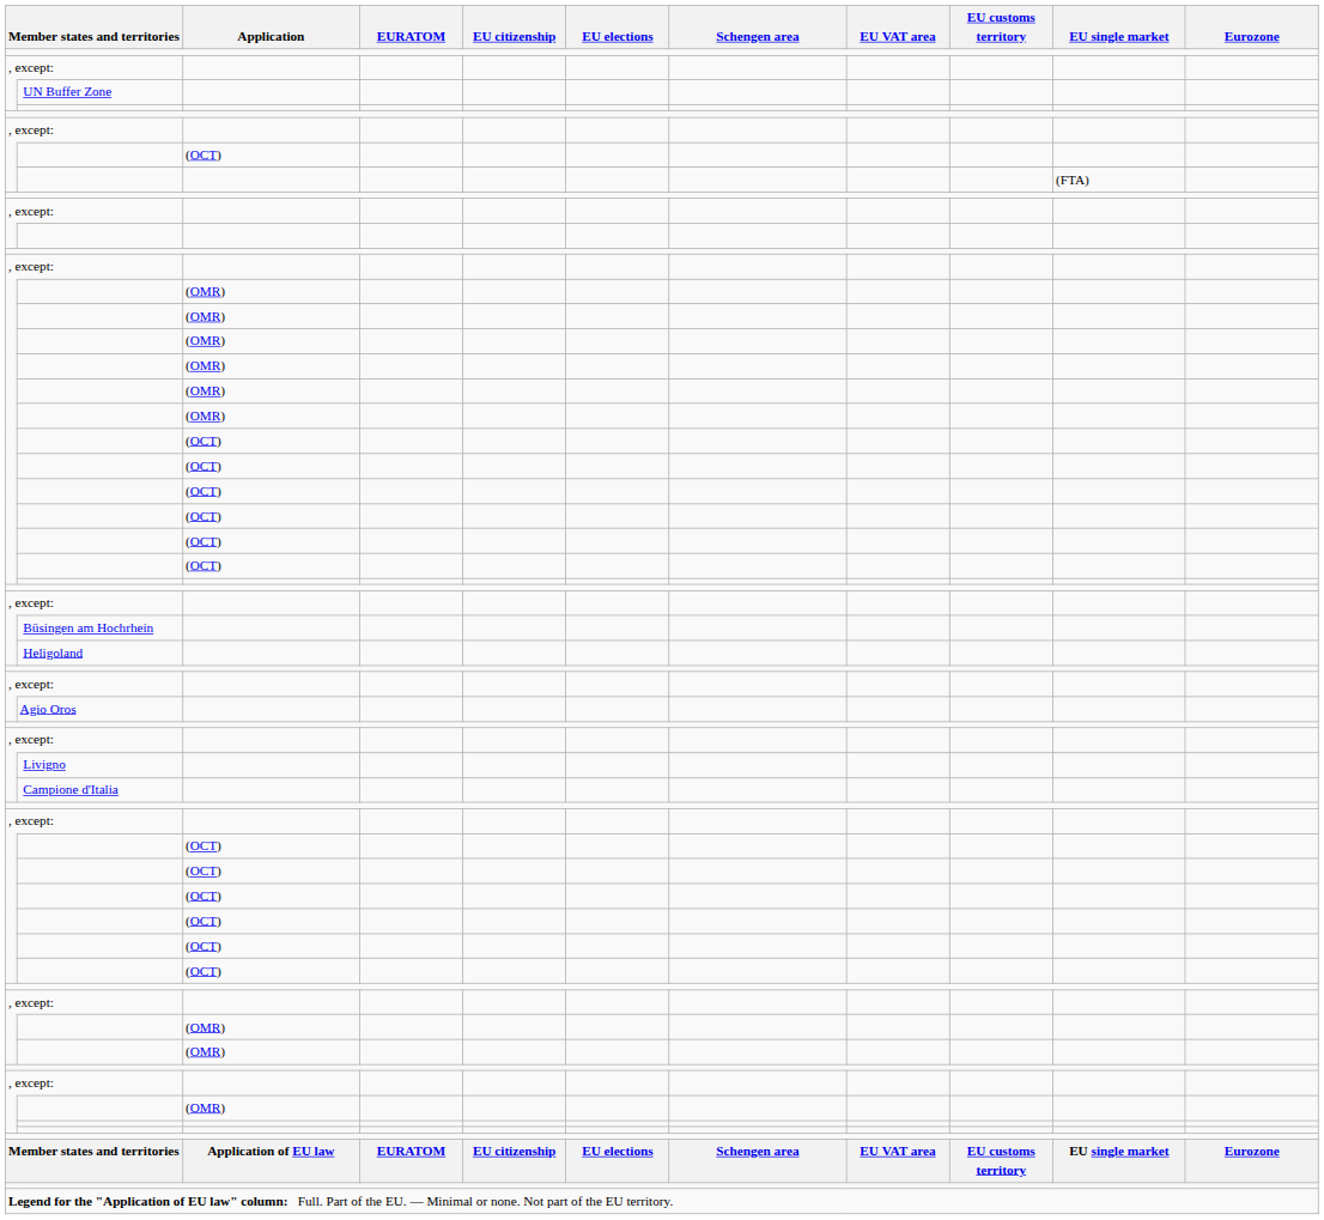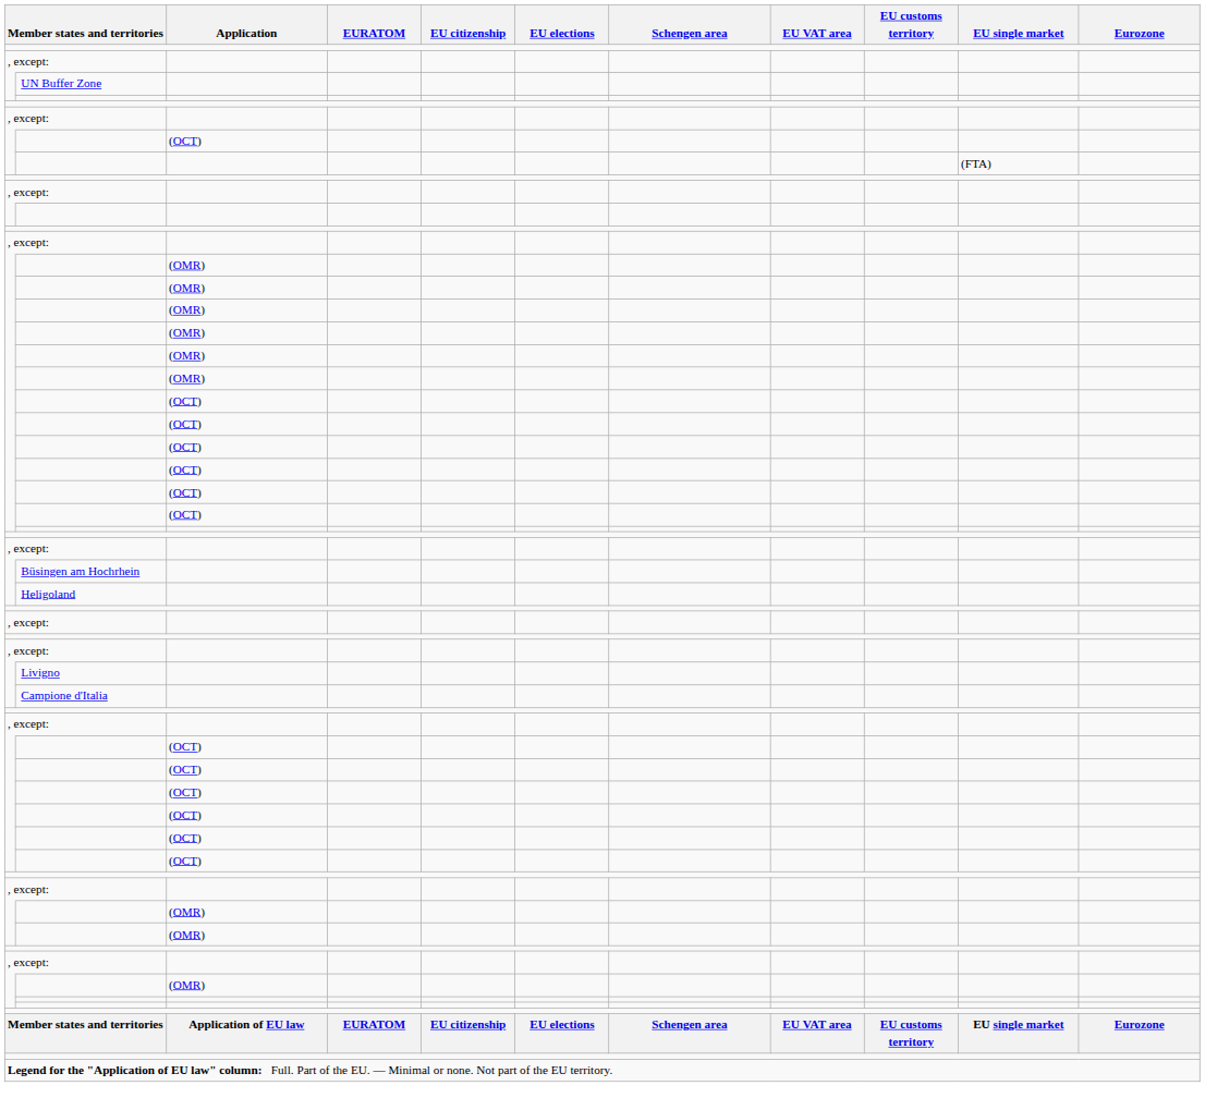 <table class="wikitable sortable" style="font-size:100%; line-height:1.4">
 <tr valign="bottom">
 <th scope="col" width="12%" colspan="2">Member states and territories</th>
 <th scope="col" width="12%">Application </th>
 <th scope="col" width="7%"><a href='#'>EURATOM</a></th>
 <th scope="col" width="7%"><a href='#'>EU citizen­ship</a></th>
 <th scope="col" width="7%"><a href='#'>EU elections</a></th>
 <th scope="col" width="12%"><a href='#'>Schengen area</a></th>
 <th scope="col" width="7%"><a href='#'>EU VAT area</a></th>
 <th scope="col" width="7%"><a href='#'>EU customs territory</a></th>
 <th scope="col" width="9%"><a href='#'>EU single market</a></th>
 <th scope="col" width="9%"><a href='#'>Euro­zone</a></th>
 </tr>
 <tr>
 <td colspan="11"></td>
 </tr>
 <tr>
 <td scope="rowgroup" colspan="2">, except:</td>
 <td></td>
 <td></td>
 <td></td>
 <td></td>
 <td></td>
 <td></td>
 <td></td>
 <td></td>
 <td></td>
 </tr>
 <tr>
 <td rowspan="2" style="border-top:hidden"></td>
 <td scope="row"> <a href='#'>UN Buffer Zone</a></td>
 <td></td>
 <td></td>
 <td></td>
 <td></td>
 <td></td>
 <td></td>
 <td></td>
 <td></td>
 <td></td>
 </tr>
 <tr>
 <td scope="row"></td>
 <td></td>
 <td></td>
 <td></td>
 <td></td>
 <td></td>
 <td></td>
 <td></td>
 <td></td>
 <td></td>
 </tr>
 <tr>
 <td colspan="11"></td>
 </tr>
 <tr>
 <td scope="rowgroup" colspan="2">, except:</td>
 <td></td>
 <td></td>
 <td></td>
 <td></td>
 <td></td>
 <td></td>
 <td></td>
 <td></td>
 <td></td>
 </tr>
 <tr>
 <td rowspan="2" style="border-top:hidden"></td>
 <td scope="row"></td>
 <td> (<a href='#'><span>OCT</span></a>)</td>
 <td></td>
 <td></td>
 <td></td>
 <td></td>
 <td></td>
 <td></td>
 <td></td>
 <td></td>
 </tr>
 <tr>
 <td scope="row"></td>
 <td></td>
 <td></td>
 <td></td>
 <td></td>
 <td></td>
 <td></td>
 <td></td>
 <td> (<span>FTA</span>)</td>
 <td></td>
 </tr>
 <tr>
 <td colspan="11"></td>
 </tr>
 <tr>
 <td scope="rowgroup" colspan="2">, except:</td>
 <td></td>
 <td></td>
 <td></td>
 <td></td>
 <td></td>
 <td></td>
 <td></td>
 <td></td>
 <td></td>
 </tr>
 <tr>
 <td style="border-top:hidden"> </td>
 <td scope="row"></td>
 <td></td>
 <td></td>
 <td></td>
 <td></td>
 <td></td>
 <td></td>
 <td></td>
 <td></td>
 <td></td>
 </tr>
 <tr>
 <td colspan="11"></td>
 </tr>
 <tr>
 <td scope="rowgroup" colspan="2">, except:</td>
 <td></td>
 <td></td>
 <td></td>
 <td></td>
 <td></td>
 <td></td>
 <td></td>
 <td></td>
 <td></td>
 </tr>
 <tr>
 <td rowspan="13" style="border-top:hidden"></td>
 <td scope="row"></td>
 <td> (<a href='#'><span>OMR</span></a>)</td>
 <td></td>
 <td></td>
 <td></td>
 <td></td>
 <td></td>
 <td></td>
 <td></td>
 <td></td>
 </tr>
 <tr>
 <td scope="row"></td>
 <td> (<a href='#'><span>OMR</span></a>)</td>
 <td></td>
 <td></td>
 <td></td>
 <td></td>
 <td></td>
 <td></td>
 <td></td>
 <td></td>
 </tr>
 <tr>
 <td scope="row"></td>
 <td> (<a href='#'><span>OMR</span></a>)</td>
 <td></td>
 <td></td>
 <td></td>
 <td></td>
 <td></td>
 <td></td>
 <td></td>
 <td></td>
 </tr>
 <tr>
 <td scope="row"></td>
 <td> (<a href='#'><span>OMR</span></a>)</td>
 <td></td>
 <td></td>
 <td></td>
 <td></td>
 <td></td>
 <td></td>
 <td></td>
 <td></td>
 </tr>
 <tr>
 <td scope="row"></td>
 <td> (<a href='#'><span>OMR</span></a>)</td>
 <td></td>
 <td></td>
 <td></td>
 <td></td>
 <td></td>
 <td></td>
 <td></td>
 <td></td>
 </tr>
 <tr>
 <td scope="row"></td>
 <td> (<a href='#'><span>OMR</span></a>)</td>
 <td></td>
 <td></td>
 <td></td>
 <td></td>
 <td></td>
 <td></td>
 <td></td>
 <td></td>
 </tr>
 <tr>
 <td scope="row"></td>
 <td> (<a href='#'><span>OCT</span></a>)</td>
 <td></td>
 <td></td>
 <td></td>
 <td></td>
 <td></td>
 <td></td>
 <td></td>
 <td></td>
 </tr>
 <tr>
 <td scope="row"></td>
 <td> (<a href='#'><span>OCT</span></a>)</td>
 <td></td>
 <td></td>
 <td></td>
 <td></td>
 <td></td>
 <td></td>
 <td></td>
 <td></td>
 </tr>
 <tr>
 <td scope="row"></td>
 <td> (<a href='#'><span>OCT</span></a>)</td>
 <td></td>
 <td></td>
 <td></td>
 <td></td>
 <td></td>
 <td></td>
 <td></td>
 <td></td>
 </tr>
 <tr>
 <td scope="row"></td>
 <td> (<a href='#'><span>OCT</span></a>)</td>
 <td></td>
 <td></td>
 <td></td>
 <td></td>
 <td></td>
 <td></td>
 <td></td>
 <td></td>
 </tr>
 <tr>
 <td scope="row"></td>
 <td> (<a href='#'><span>OCT</span></a>)</td>
 <td></td>
 <td></td>
 <td></td>
 <td></td>
 <td></td>
 <td></td>
 <td></td>
 <td></td>
 </tr>
 <tr>
 <td scope="row"></td>
 <td> (<a href='#'><span>OCT</span></a>)</td>
 <td></td>
 <td></td>
 <td></td>
 <td></td>
 <td></td>
 <td></td>
 <td></td>
 <td></td>
 </tr>
 <tr>
 <td scope="row"></td>
 <td></td>
 <td></td>
 <td></td>
 <td></td>
 <td></td>
 <td></td>
 <td></td>
 <td></td>
 <td></td>
 </tr>
 <tr>
 <td colspan="11"></td>
 </tr>
 <tr>
 <td scope="rowgroup" colspan="2">, except:</td>
 <td></td>
 <td></td>
 <td></td>
 <td></td>
 <td></td>
 <td></td>
 <td></td>
 <td></td>
 <td></td>
 </tr>
 <tr>
 <td rowspan="2" style="border-top:hidden"></td>
 <td scope="row"> <a href='#'>Büsingen am Hochrhein</a></td>
 <td></td>
 <td></td>
 <td></td>
 <td></td>
 <td></td>
 <td></td>
 <td></td>
 <td></td>
 <td></td>
 </tr>
 <tr>
 <td scope="row"> <a href='#'>Heligoland</a></td>
 <td></td>
 <td></td>
 <td></td>
 <td></td>
 <td></td>
 <td></td>
 <td></td>
 <td></td>
 <td></td>
 </tr>
 <tr>
 <td colspan="11"></td>
 </tr>
 <tr>
 <td scope="rowgroup" colspan="2">, except:</td>
 <td></td>
 <td></td>
 <td></td>
 <td></td>
 <td></td>
 <td></td>
 <td></td>
 <td></td>
 <td></td>
 </tr>
 <tr>
-<td style="border-top:hidden"></td>
-<td scope="row"><a href='#'>Agio Oros</a></td>
-<td></td>
-<td></td>
-<td></td>
-<td></td>
-<td></td>
-<td></td>
-<td></td>
-<td></td>
-<td></td>
-</tr>
-<tr>
 <td colspan="11"></td>
 </tr>
 <tr>
 <td scope="rowgroup" colspan="2">, except:</td>
 <td></td>
 <td></td>
 <td></td>
 <td></td>
 <td></td>
 <td></td>
 <td></td>
 <td></td>
 <td></td>
 </tr>
 <tr>
 <td rowspan="2" style="border-top:hidden"></td>
 <td scope="row"> <a href='#'>Livigno</a></td>
 <td></td>
 <td></td>
 <td></td>
 <td></td>
 <td></td>
 <td></td>
 <td></td>
 <td></td>
 <td></td>
 </tr>
 <tr>
 <td scope="row"> <a href='#'>Campione d'Italia</a></td>
 <td></td>
 <td></td>
 <td></td>
 <td></td>
 <td></td>
 <td></td>
 <td></td>
 <td></td>
 <td></td>
 </tr>
 <tr>
 <td colspan="11"></td>
 </tr>
 <tr>
 <td scope="rowgroup" colspan="2">, except:</td>
 <td></td>
 <td></td>
 <td></td>
 <td></td>
 <td></td>
 <td></td>
 <td></td>
 <td></td>
 <td></td>
 </tr>
 <tr>
 <td rowspan="6" style="border-top:hidden"> </td>
 <td scope="row"></td>
 <td> (<a href='#'><span>OCT</span></a>)</td>
 <td></td>
 <td></td>
 <td></td>
 <td></td>
 <td></td>
 <td></td>
 <td></td>
 <td></td>
 </tr>
 <tr>
 <td scope="row"></td>
 <td> (<a href='#'><span>OCT</span></a>)</td>
 <td></td>
 <td></td>
 <td></td>
 <td></td>
 <td></td>
 <td></td>
 <td></td>
 <td></td>
 </tr>
 <tr>
 <td scope="row"></td>
 <td> (<a href='#'><span>OCT</span></a>)</td>
 <td></td>
 <td></td>
 <td></td>
 <td></td>
 <td></td>
 <td></td>
 <td></td>
 <td></td>
 </tr>
 <tr>
 <td scope="row"></td>
 <td> (<a href='#'><span>OCT</span></a>)</td>
 <td></td>
 <td></td>
 <td></td>
 <td></td>
 <td></td>
 <td></td>
 <td></td>
 <td></td>
 </tr>
 <tr>
 <td scope="row"></td>
 <td> (<a href='#'><span>OCT</span></a>)</td>
 <td></td>
 <td></td>
 <td></td>
 <td></td>
 <td></td>
 <td></td>
 <td></td>
 <td></td>
 </tr>
 <tr>
 <td scope="row"></td>
 <td> (<a href='#'><span>OCT</span></a>)</td>
 <td></td>
 <td></td>
 <td></td>
 <td></td>
 <td></td>
 <td></td>
 <td></td>
 <td></td>
 </tr>
 <tr>
 <td colspan="11"></td>
 </tr>
 <tr>
 <td scope="rowgroup" colspan="2">, except:</td>
 <td></td>
 <td></td>
 <td></td>
 <td></td>
 <td></td>
 <td></td>
 <td></td>
 <td></td>
 <td></td>
 </tr>
 <tr>
 <td rowspan="2" style="border-top:hidden"></td>
 <td scope="row"></td>
 <td>  (<a href='#'><span>OMR</span></a>)</td>
 <td></td>
 <td></td>
 <td></td>
 <td></td>
 <td></td>
 <td></td>
 <td></td>
 <td></td>
 </tr>
 <tr>
 <td scope="row"></td>
 <td> (<a href='#'><span>OMR</span></a>)</td>
 <td></td>
 <td></td>
 <td></td>
 <td></td>
 <td></td>
 <td></td>
 <td></td>
 <td></td>
 </tr>
 <tr>
 <td colspan="11"></td>
 </tr>
 <tr>
 <td scope="rowgroup" colspan="2">, except:</td>
 <td></td>
 <td></td>
 <td></td>
 <td></td>
 <td></td>
 <td></td>
 <td></td>
 <td></td>
 <td></td>
 </tr>
 <tr>
 <td rowspan="3" style="border-top:hidden"></td>
 <td scope="row"></td>
 <td> (<a href='#'><span>OMR</span></a>)</td>
 <td></td>
 <td></td>
 <td></td>
 <td></td>
 <td></td>
 <td></td>
 <td></td>
 <td></td>
 </tr>
 <tr>
 <td scope="row"></td>
 <td></td>
 <td></td>
 <td></td>
 <td></td>
 <td></td>
 <td></td>
 <td></td>
 <td></td>
 <td></td>
 </tr>
 <tr>
 <td scope="row"></td>
 <td></td>
 <td></td>
 <td></td>
 <td></td>
 <td></td>
 <td></td>
 <td></td>
 <td></td>
 <td></td>
 </tr>
 <tr>
 <td colspan="11"></td>
 </tr>
 <tr valign="top">
 <th scope="col" width="12%" colspan="2">Member states and territories</th>
 <th scope="col" width="12%">Application of <a href='#'>EU law</a></th>
 <th scope="col" width="7%"><a href='#'>EURATOM</a></th>
 <th scope="col" width="7%"><a href='#'>EU citizen­ship</a></th>
 <th scope="col" width="7%"><a href='#'>EU elections</a></th>
 <th scope="col" width="12%"><a href='#'>Schengen area</a></th>
 <th scope="col" width="7%"><a href='#'>EU VAT area</a></th>
 <th scope="col" width="7%"><a href='#'>EU customs territory</a></th>
 <th scope="col" width="9%">EU <a href='#'>single market</a></th>
 <th scope="col" width="9%"><a href='#'>Euro­zone</a></th>
 </tr>
 <tr>
 <td colspan="11"></td>
 </tr>
 <tr>
 <td scope="col" colspan="11"><strong>Legend for the "Application of EU law" column:</strong>   <span>Full. Part of the EU.</span> — <span>Minimal or none. Not part of the EU territory.</span></td>
 </tr>
 </table>
